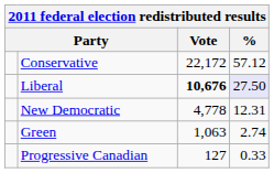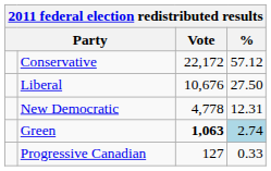 <table class="wikitable">
 <tr>
 <th colspan="4"><a href='#'>2011 federal election</a> redistributed results</th>
 </tr>
 <tr>
 <th bgcolor="#DDDDFF" width="130px" colspan="2">Party</th>
 <th bgcolor="#DDDDFF" width="50px">Vote</th>
 <th bgcolor="#DDDDFF" width="30px">%</th>
 </tr>
 <tr>
 <td> </td>
 <td><a href='#'>Conservative</a></td>
 <td align=right>22,172</td>
 <td align=right>57.12</td>
 </tr>
 <tr>
 <td> </td>
 <td><a href='#'>Liberal</a></td>
-<td align=right><strong>10,676</strong></td>
-<td align=right style="background: lavender;">27.50</td>
+<td align=right>10,676</td>
+<td align=right>27.50</td>
 </tr>
 <tr>
 <td> </td>
 <td><a href='#'>New Democratic</a></td>
 <td align=right>4,778</td>
 <td align=right>12.31</td>
 </tr>
 <tr>
 <td> </td>
 <td><a href='#'>Green</a></td>
-<td align=right>1,063</td>
-<td align=right>2.74</td>
+<td align=right><strong>1,063</strong></td>
+<td align=right style="background: lightblue;">2.74</td>
 </tr>
 <tr>
 <td> </td>
 <td><a href='#'>Progressive Canadian</a></td>
 <td align=right>127</td>
 <td align=right>0.33</td>
 </tr>
 </table>
